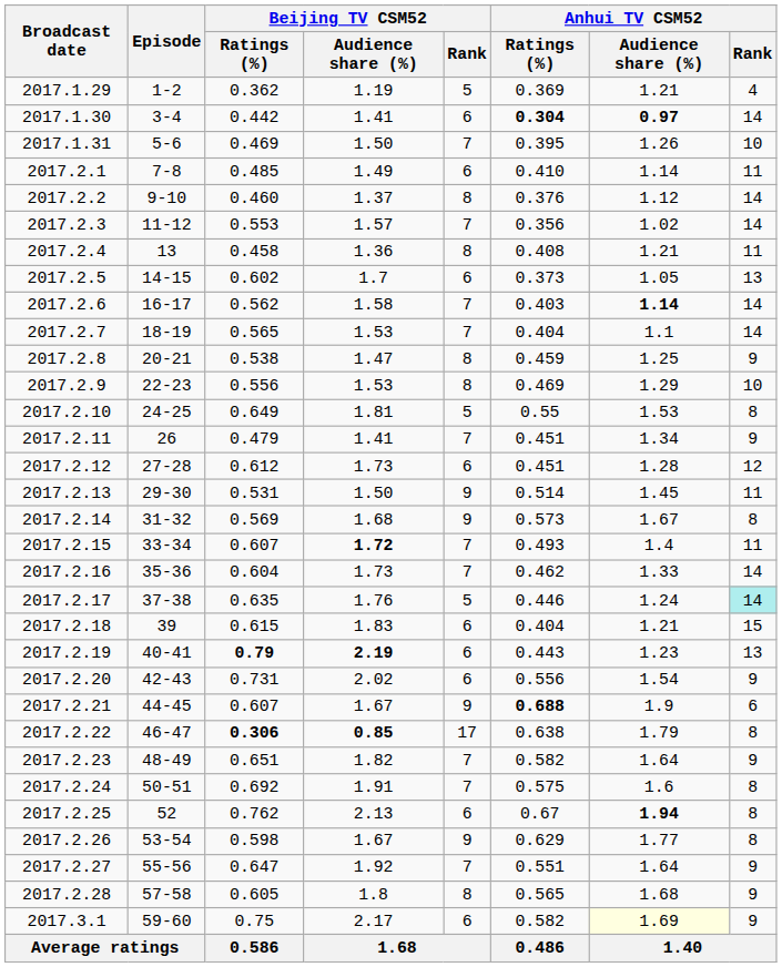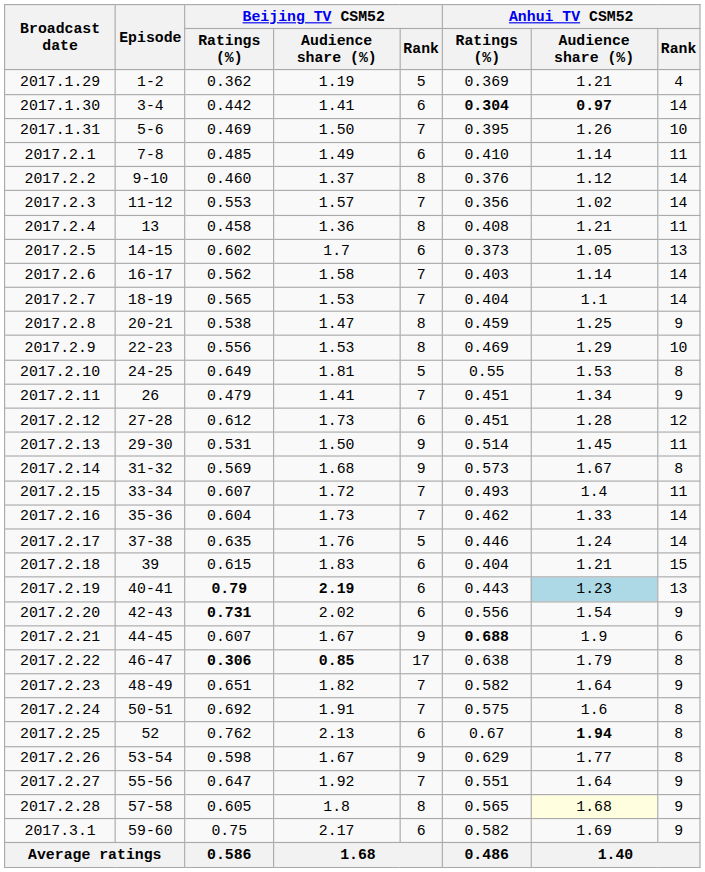 <table class="wikitable sortable mw-collapsible jquery-tablesorter" style="text-align:center">
 <tr>
 <th rowspan="2">Broadcast date</th>
 <th rowspan="2">Episode</th>
 <th colspan="3"><a href='#'>Beijing TV</a> CSM52</th>
 <th colspan="3"><a href='#'>Anhui TV</a> CSM52</th>
 </tr>
 <tr>
 <th><strong>Ratings (%)</strong></th>
 <th><strong>Audience share (%)</strong></th>
 <th><strong>Rank</strong></th>
 <th><strong>Ratings (%)</strong></th>
 <th><strong>Audience share (%)</strong></th>
 <th><strong>Rank</strong></th>
 </tr>
 <tr>
 <td>2017.1.29</td>
 <td>1-2</td>
 <td>0.362</td>
 <td>1.19</td>
 <td>5</td>
 <td>0.369</td>
 <td>1.21</td>
 <td>4</td>
 </tr>
 <tr>
 <td>2017.1.30</td>
 <td>3-4</td>
 <td>0.442</td>
 <td>1.41</td>
 <td>6</td>
 <td><strong><span>0.304</span></strong></td>
 <td><strong><span>0.97</span></strong></td>
 <td>14</td>
 </tr>
 <tr>
 <td>2017.1.31</td>
 <td>5-6</td>
 <td>0.469</td>
 <td>1.50</td>
 <td>7</td>
 <td>0.395</td>
 <td>1.26</td>
 <td>10</td>
 </tr>
 <tr>
 <td>2017.2.1</td>
 <td>7-8</td>
 <td>0.485</td>
 <td>1.49</td>
 <td>6</td>
 <td>0.410</td>
 <td>1.14</td>
 <td>11</td>
 </tr>
 <tr>
 <td>2017.2.2</td>
 <td>9-10</td>
 <td>0.460</td>
 <td>1.37</td>
 <td>8</td>
 <td>0.376</td>
 <td>1.12</td>
 <td>14</td>
 </tr>
 <tr>
 <td>2017.2.3</td>
 <td>11-12</td>
 <td>0.553</td>
 <td>1.57</td>
 <td>7</td>
 <td>0.356</td>
 <td>1.02</td>
 <td>14</td>
 </tr>
 <tr>
 <td>2017.2.4</td>
 <td>13</td>
 <td>0.458</td>
 <td>1.36</td>
 <td>8</td>
 <td>0.408</td>
 <td>1.21</td>
 <td>11</td>
 </tr>
 <tr>
 <td>2017.2.5</td>
 <td>14-15</td>
 <td>0.602</td>
 <td>1.7</td>
 <td>6</td>
 <td>0.373</td>
 <td>1.05</td>
 <td>13</td>
 </tr>
 <tr>
 <td>2017.2.6</td>
 <td>16-17</td>
 <td>0.562</td>
 <td>1.58</td>
 <td>7</td>
 <td>0.403</td>
-<td><strong>1.14</strong></td>
+<td>1.14</td>
 <td>14</td>
 </tr>
 <tr>
 <td>2017.2.7</td>
 <td>18-19</td>
 <td>0.565</td>
 <td>1.53</td>
 <td>7</td>
 <td>0.404</td>
 <td>1.1</td>
 <td>14</td>
 </tr>
 <tr>
 <td>2017.2.8</td>
 <td>20-21</td>
 <td>0.538</td>
 <td>1.47</td>
 <td>8</td>
 <td>0.459</td>
 <td>1.25</td>
 <td>9</td>
 </tr>
 <tr>
 <td>2017.2.9</td>
 <td>22-23</td>
 <td>0.556</td>
 <td>1.53</td>
 <td>8</td>
 <td>0.469</td>
 <td>1.29</td>
 <td>10</td>
 </tr>
 <tr>
 <td>2017.2.10</td>
 <td>24-25</td>
 <td>0.649</td>
 <td>1.81</td>
 <td>5</td>
 <td>0.55</td>
 <td>1.53</td>
 <td>8</td>
 </tr>
 <tr>
 <td>2017.2.11</td>
 <td>26</td>
 <td>0.479</td>
 <td>1.41</td>
 <td>7</td>
 <td>0.451</td>
 <td>1.34</td>
 <td>9</td>
 </tr>
 <tr>
 <td>2017.2.12</td>
 <td>27-28</td>
 <td>0.612</td>
 <td>1.73</td>
 <td>6</td>
 <td>0.451</td>
 <td>1.28</td>
 <td>12</td>
 </tr>
 <tr>
 <td>2017.2.13</td>
 <td>29-30</td>
 <td>0.531</td>
 <td>1.50</td>
 <td>9</td>
 <td>0.514</td>
 <td>1.45</td>
 <td>11</td>
 </tr>
 <tr>
 <td>2017.2.14</td>
 <td>31-32</td>
 <td>0.569</td>
 <td>1.68</td>
 <td>9</td>
 <td>0.573</td>
 <td>1.67</td>
 <td>8</td>
 </tr>
 <tr>
 <td>2017.2.15</td>
 <td>33-34</td>
 <td>0.607</td>
-<td><strong>1.72</strong></td>
+<td>1.72</td>
 <td>7</td>
 <td>0.493</td>
 <td>1.4</td>
 <td>11</td>
 </tr>
 <tr>
 <td>2017.2.16</td>
 <td>35-36</td>
 <td>0.604</td>
 <td>1.73</td>
 <td>7</td>
 <td>0.462</td>
 <td>1.33</td>
 <td>14</td>
 </tr>
 <tr>
 <td>2017.2.17</td>
 <td>37-38</td>
 <td>0.635</td>
 <td>1.76</td>
 <td>5</td>
 <td>0.446</td>
 <td>1.24</td>
-<td style="background: paleturquoise;">14</td>
+<td>14</td>
 </tr>
 <tr>
 <td>2017.2.18</td>
 <td>39</td>
 <td>0.615</td>
 <td>1.83</td>
 <td>6</td>
 <td>0.404</td>
 <td>1.21</td>
 <td>15</td>
 </tr>
 <tr>
 <td>2017.2.19</td>
 <td>40-41</td>
 <td><strong><span>0.79</span></strong></td>
 <td><strong><span>2.19</span></strong></td>
 <td>6</td>
 <td>0.443</td>
-<td>1.23</td>
+<td style="background: lightblue;">1.23</td>
 <td>13</td>
 </tr>
 <tr>
 <td>2017.2.20</td>
 <td>42-43</td>
-<td>0.731</td>
+<td><strong>0.731</strong></td>
 <td>2.02</td>
 <td>6</td>
 <td>0.556</td>
 <td>1.54</td>
 <td>9</td>
 </tr>
 <tr>
 <td>2017.2.21</td>
 <td>44-45</td>
 <td>0.607</td>
 <td>1.67</td>
 <td>9</td>
 <td><strong><span>0.688</span></strong></td>
 <td>1.9</td>
 <td>6</td>
 </tr>
 <tr>
 <td>2017.2.22</td>
 <td>46-47</td>
 <td><strong><span>0.306</span></strong></td>
 <td><strong><span>0.85</span></strong></td>
 <td>17</td>
 <td>0.638</td>
 <td>1.79</td>
 <td>8</td>
 </tr>
 <tr>
 <td>2017.2.23</td>
 <td>48-49</td>
 <td>0.651</td>
 <td>1.82</td>
 <td>7</td>
 <td>0.582</td>
 <td>1.64</td>
 <td>9</td>
 </tr>
 <tr>
 <td>2017.2.24</td>
 <td>50-51</td>
 <td>0.692</td>
 <td>1.91</td>
 <td>7</td>
 <td>0.575</td>
 <td>1.6</td>
 <td>8</td>
 </tr>
 <tr>
 <td>2017.2.25</td>
 <td>52</td>
 <td>0.762</td>
 <td>2.13</td>
 <td>6</td>
 <td>0.67</td>
 <td><strong><span>1.94</span></strong></td>
 <td>8</td>
 </tr>
 <tr>
 <td>2017.2.26</td>
 <td>53-54</td>
 <td>0.598</td>
 <td>1.67</td>
 <td>9</td>
 <td>0.629</td>
 <td>1.77</td>
 <td>8</td>
 </tr>
 <tr>
 <td>2017.2.27</td>
 <td>55-56</td>
 <td>0.647</td>
 <td>1.92</td>
 <td>7</td>
 <td>0.551</td>
 <td>1.64</td>
 <td>9</td>
 </tr>
 <tr>
 <td>2017.2.28</td>
 <td>57-58</td>
 <td>0.605</td>
 <td>1.8</td>
 <td>8</td>
 <td>0.565</td>
-<td>1.68</td>
+<td style="background: lightyellow;">1.68</td>
 <td>9</td>
 </tr>
 <tr>
 <td>2017.3.1</td>
 <td>59-60</td>
 <td>0.75</td>
 <td>2.17</td>
 <td>6</td>
 <td>0.582</td>
-<td style="background: lightyellow;">1.69</td>
+<td>1.69</td>
 <td>9</td>
 </tr>
 <tr>
 <th colspan="2" rowspan="1"><strong>Average ratings</strong></th>
 <th>0.586</th>
 <th colspan="2" rowspan="1">1.68</th>
 <th>0.486</th>
 <th colspan="2" rowspan="1">1.40</th>
 </tr>
 </table>
